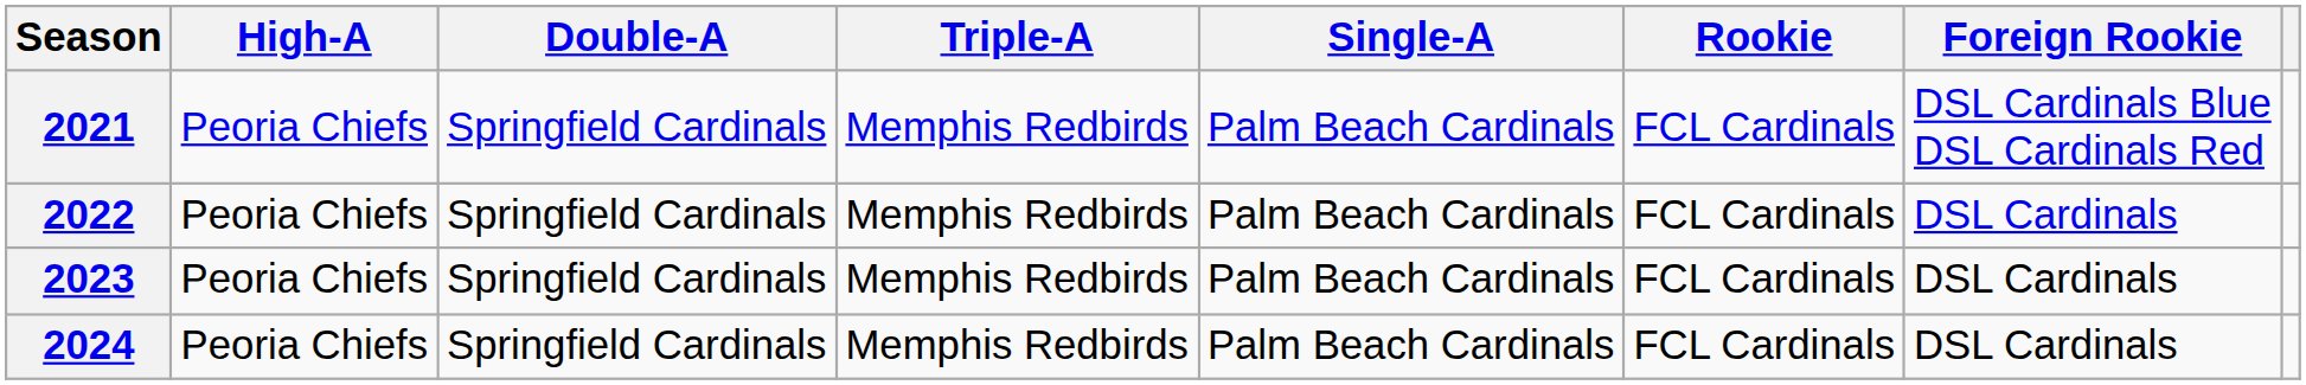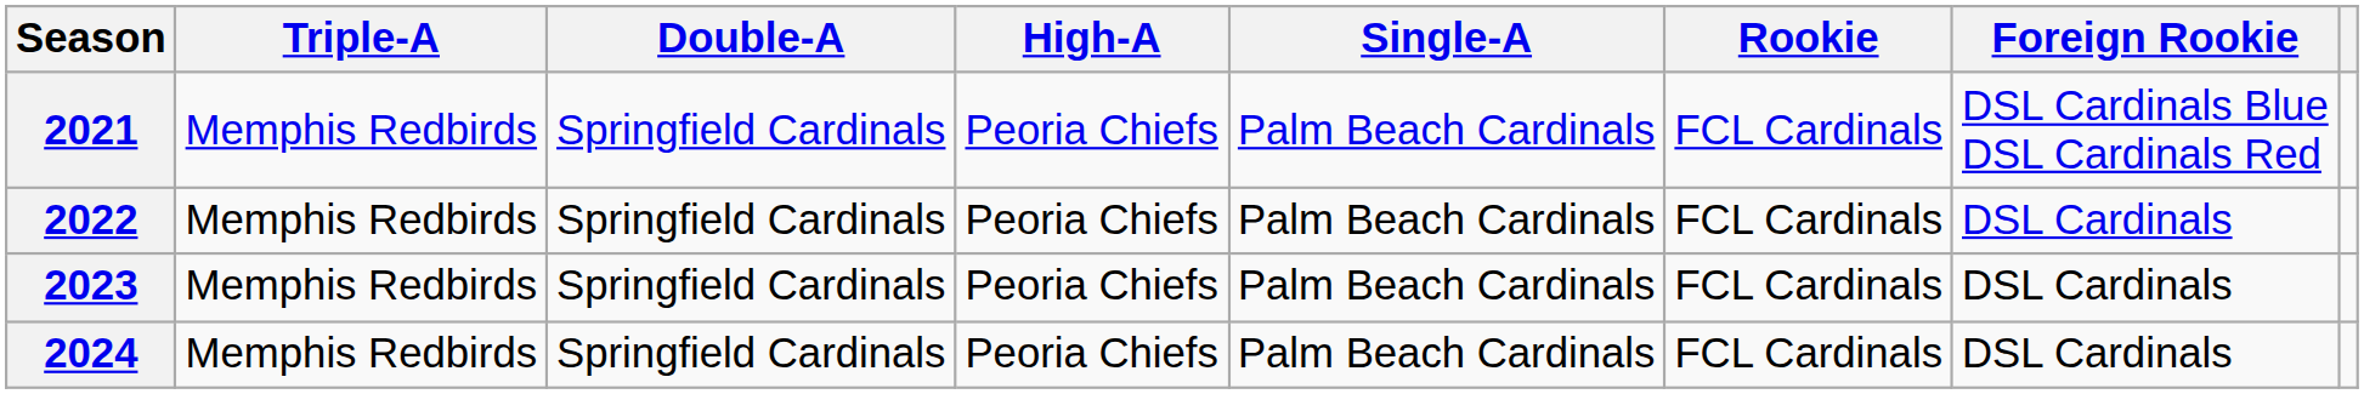 <table class="wikitable plainrowheaders">
 <tr>
 <th scope="col">Season</th>
+<th scope="col"><a href='#'><span>Triple-A</span></a></th>
+<th scope="col"><a href='#'><span>Double-A</span></a></th>
 <th scope="col"><a href='#'><span>High-A</span></a></th>
-<th scope="col"><a href='#'><span>Double-A</span></a></th>
-<th scope="col"><a href='#'><span>Triple-A</span></a></th>
 <th scope="col"><a href='#'><span>Single-A</span></a></th>
 <th scope="col"><a href='#'><span>Rookie</span></a></th>
 <th scope="col"><a href='#'><span>Foreign Rookie</span></a></th>
 <th scope="col"></th>
 </tr>
 <tr>
 <th scope="row" style="text-align:center"><a href='#'>2021</a></th>
+<td><a href='#'>Memphis Redbirds</a></td>
+<td><a href='#'>Springfield Cardinals</a></td>
 <td><a href='#'>Peoria Chiefs</a></td>
-<td><a href='#'>Springfield Cardinals</a></td>
-<td><a href='#'>Memphis Redbirds</a></td>
 <td><a href='#'>Palm Beach Cardinals</a></td>
 <td><a href='#'>FCL Cardinals</a></td>
 <td><a href='#'>DSL Cardinals Blue</a><br><a href='#'>DSL Cardinals Red</a></td>
 <td align="center"></td>
 </tr>
 <tr>
 <th scope="row" style="text-align:center"><a href='#'>2022</a></th>
+<td>Memphis Redbirds</td>
+<td>Springfield Cardinals</td>
 <td>Peoria Chiefs</td>
-<td>Springfield Cardinals</td>
-<td>Memphis Redbirds</td>
 <td>Palm Beach Cardinals</td>
 <td>FCL Cardinals</td>
 <td><a href='#'>DSL Cardinals</a></td>
 <td align="center"></td>
 </tr>
 <tr>
 <th scope="row" style="text-align:center"><a href='#'>2023</a></th>
+<td>Memphis Redbirds</td>
+<td>Springfield Cardinals</td>
 <td>Peoria Chiefs</td>
-<td>Springfield Cardinals</td>
-<td>Memphis Redbirds</td>
 <td>Palm Beach Cardinals</td>
 <td>FCL Cardinals</td>
 <td>DSL Cardinals</td>
 <td align="center"></td>
 </tr>
 <tr>
 <th scope="row" style="text-align:center"><a href='#'>2024</a></th>
+<td>Memphis Redbirds</td>
+<td>Springfield Cardinals</td>
 <td>Peoria Chiefs</td>
-<td>Springfield Cardinals</td>
-<td>Memphis Redbirds</td>
 <td>Palm Beach Cardinals</td>
 <td>FCL Cardinals</td>
 <td>DSL Cardinals</td>
 <td align="center"></td>
 </tr>
 </table>
